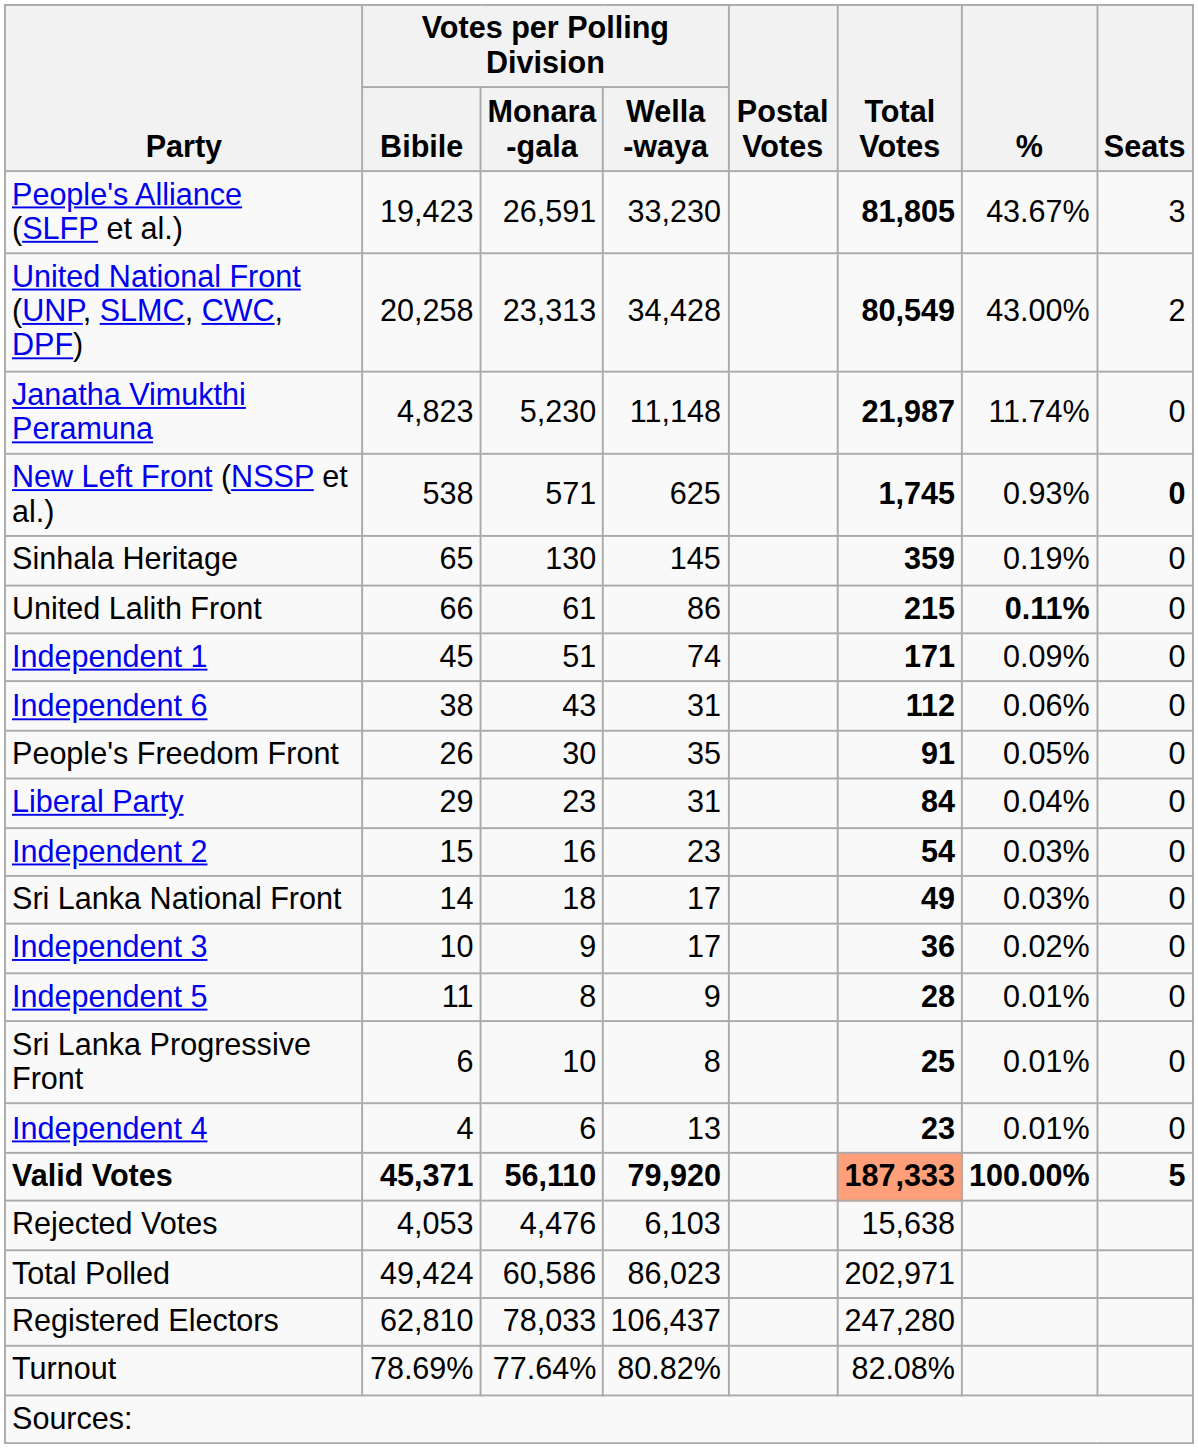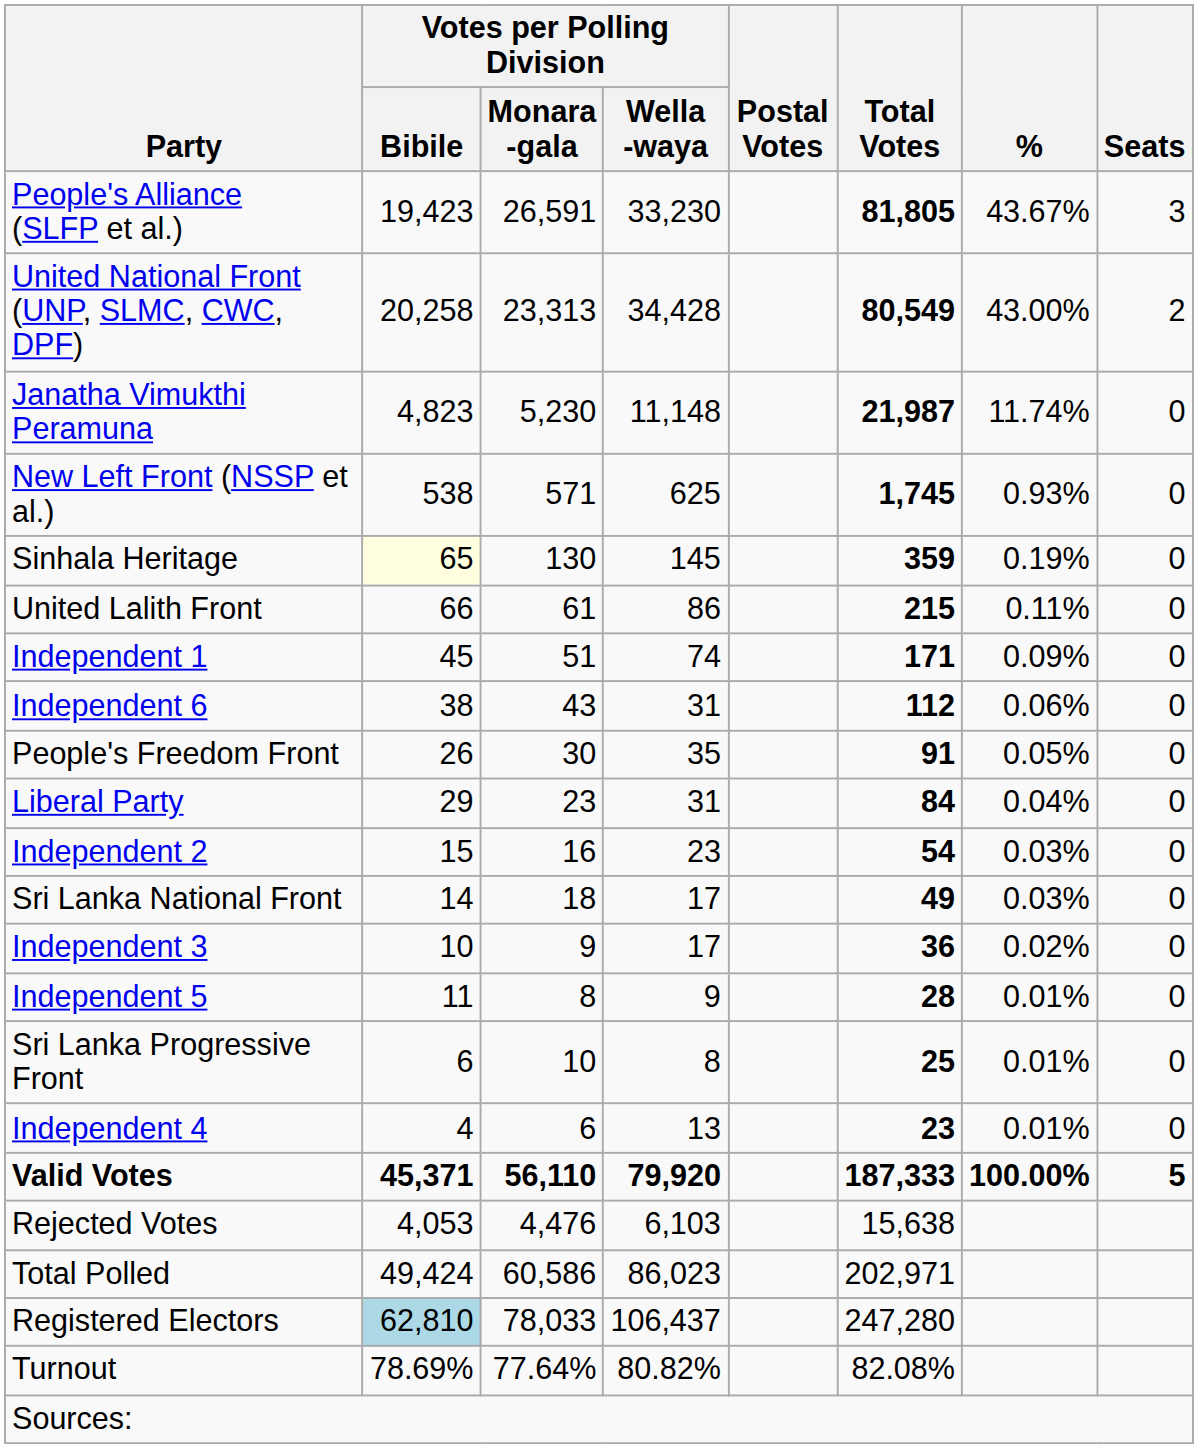 <table class="wikitable" border="1" style="text-align:right;">
 <tr>
 <th align=left valign=bottom rowspan=2 width="180">Party</th>
 <th colspan=3>Votes per Polling Division</th>
 <th align=center valign=bottom rowspan=2 width="50">Postal<br>Votes</th>
 <th align=center valign=bottom rowspan=2 width="50">Total Votes</th>
 <th align=center valign=bottom rowspan=2 width="50">%</th>
 <th align=center valign=bottom rowspan=2 width="40">Seats</th>
 </tr>
 <tr>
 <th align=center valign=bottom width="50">Bibile</th>
 <th align=center valign=bottom width="50">Monara<br>-gala</th>
 <th align=center valign=bottom width="50">Wella<br>-waya</th>
 </tr>
 <tr>
 <td align=left><a href='#'>People's Alliance</a><br>(<a href='#'>SLFP</a> et al.)</td>
 <td>19,423</td>
 <td>26,591</td>
 <td>33,230</td>
 <td></td>
 <td><strong>81,805</strong></td>
 <td>43.67%</td>
 <td>3</td>
 </tr>
 <tr>
 <td align=left><a href='#'>United National Front</a><br>(<a href='#'>UNP</a>, <a href='#'>SLMC</a>, <a href='#'>CWC</a>, <a href='#'>DPF</a>)</td>
 <td>20,258</td>
 <td>23,313</td>
 <td>34,428</td>
 <td></td>
 <td><strong>80,549</strong></td>
 <td>43.00%</td>
 <td>2</td>
 </tr>
 <tr>
 <td align=left><a href='#'>Janatha Vimukthi Peramuna</a></td>
 <td>4,823</td>
 <td>5,230</td>
 <td>11,148</td>
 <td></td>
 <td><strong>21,987</strong></td>
 <td>11.74%</td>
 <td>0</td>
 </tr>
 <tr>
 <td align=left><a href='#'>New Left Front</a> (<a href='#'>NSSP</a> et al.)</td>
 <td>538</td>
 <td>571</td>
 <td>625</td>
 <td></td>
 <td><strong>1,745</strong></td>
 <td>0.93%</td>
-<td><strong>0</strong></td>
+<td>0</td>
 </tr>
 <tr>
 <td align=left>Sinhala Heritage</td>
-<td>65</td>
+<td style="background: lightyellow;">65</td>
 <td>130</td>
 <td>145</td>
 <td></td>
 <td><strong>359</strong></td>
 <td>0.19%</td>
 <td>0</td>
 </tr>
 <tr>
 <td align=left>United Lalith Front</td>
 <td>66</td>
 <td>61</td>
 <td>86</td>
 <td></td>
 <td><strong>215</strong></td>
-<td><strong>0.11%</strong></td>
+<td>0.11%</td>
 <td>0</td>
 </tr>
 <tr>
 <td align=left><a href='#'>Independent 1</a></td>
 <td>45</td>
 <td>51</td>
 <td>74</td>
 <td></td>
 <td><strong>171</strong></td>
 <td>0.09%</td>
 <td>0</td>
 </tr>
 <tr>
 <td align=left><a href='#'>Independent 6</a></td>
 <td>38</td>
 <td>43</td>
 <td>31</td>
 <td></td>
 <td><strong>112</strong></td>
 <td>0.06%</td>
 <td>0</td>
 </tr>
 <tr>
 <td align=left>People's Freedom Front</td>
 <td>26</td>
 <td>30</td>
 <td>35</td>
 <td></td>
 <td><strong>91</strong></td>
 <td>0.05%</td>
 <td>0</td>
 </tr>
 <tr>
 <td align=left><a href='#'>Liberal Party</a></td>
 <td>29</td>
 <td>23</td>
 <td>31</td>
 <td></td>
 <td><strong>84</strong></td>
 <td>0.04%</td>
 <td>0</td>
 </tr>
 <tr>
 <td align=left><a href='#'>Independent 2</a></td>
 <td>15</td>
 <td>16</td>
 <td>23</td>
 <td></td>
 <td><strong>54</strong></td>
 <td>0.03%</td>
 <td>0</td>
 </tr>
 <tr>
 <td align=left>Sri Lanka National Front</td>
 <td>14</td>
 <td>18</td>
 <td>17</td>
 <td></td>
 <td><strong>49</strong></td>
 <td>0.03%</td>
 <td>0</td>
 </tr>
 <tr>
 <td align=left><a href='#'>Independent 3</a></td>
 <td>10</td>
 <td>9</td>
 <td>17</td>
 <td></td>
 <td><strong>36</strong></td>
 <td>0.02%</td>
 <td>0</td>
 </tr>
 <tr>
 <td align=left><a href='#'>Independent 5</a></td>
 <td>11</td>
 <td>8</td>
 <td>9</td>
 <td></td>
 <td><strong>28</strong></td>
 <td>0.01%</td>
 <td>0</td>
 </tr>
 <tr>
 <td align=left>Sri Lanka Progressive Front</td>
 <td>6</td>
 <td>10</td>
 <td>8</td>
 <td></td>
 <td><strong>25</strong></td>
 <td>0.01%</td>
 <td>0</td>
 </tr>
 <tr>
 <td align=left><a href='#'>Independent 4</a></td>
 <td>4</td>
 <td>6</td>
 <td>13</td>
 <td></td>
 <td><strong>23</strong></td>
 <td>0.01%</td>
 <td>0</td>
 </tr>
 <tr>
 <td align=left><strong>Valid Votes</strong></td>
 <td><strong>45,371</strong></td>
 <td><strong>56,110</strong></td>
 <td><strong>79,920</strong></td>
 <td></td>
-<td style="background: lightsalmon;"><strong>187,333</strong></td>
+<td><strong>187,333</strong></td>
 <td><strong>100.00%</strong></td>
 <td><strong>5</strong></td>
 </tr>
 <tr>
 <td align=left>Rejected Votes</td>
 <td>4,053</td>
 <td>4,476</td>
 <td>6,103</td>
 <td></td>
 <td>15,638</td>
 <td></td>
 <td></td>
 </tr>
 <tr>
 <td align=left>Total Polled</td>
 <td>49,424</td>
 <td>60,586</td>
 <td>86,023</td>
 <td></td>
 <td>202,971</td>
 <td></td>
 <td></td>
 </tr>
 <tr>
 <td align=left>Registered Electors</td>
-<td>62,810</td>
+<td style="background: lightblue;">62,810</td>
 <td>78,033</td>
 <td>106,437</td>
 <td></td>
 <td>247,280</td>
 <td></td>
 <td></td>
 </tr>
 <tr>
 <td align=left>Turnout</td>
 <td>78.69%</td>
 <td>77.64%</td>
 <td>80.82%</td>
 <td></td>
 <td>82.08%</td>
 <td></td>
 <td></td>
 </tr>
 <tr>
 <td align=left colspan=9>Sources:</td>
 </tr>
 </table>
